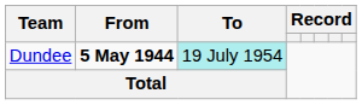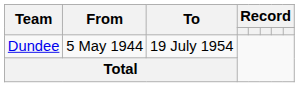 <table class="wikitable" style="text-align: center;">
 <tr>
 <th rowspan="2">Team</th>
 <th rowspan="2">From</th>
 <th rowspan="2">To</th>
 <th colspan="5">Record</th>
 </tr>
 <tr>
 <th></th>
 <th></th>
 <th></th>
 <th></th>
 <th></th>
 </tr>
 <tr>
 <td align=left><a href='#'>Dundee</a></td>
-<td align=left><strong>5 May 1944</strong></td>
-<td align=left style="background: paleturquoise;">19 July 1954<br></td>
+<td align=left>5 May 1944</td>
+<td align=left>19 July 1954<br></td>
 </tr>
 <tr>
 <th colspan=3>Total<br></th>
 </tr>
 </table>
